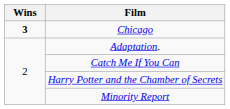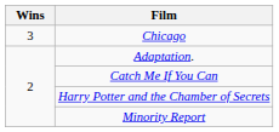 <table class="wikitable" rowspan="2" style="text-align:center;" background: #f6e39c;>
 <tr>
 <th scope="col" style="width:55px;">Wins</th>
 <th scope="col" style="text-align:center;">Film</th>
 </tr>
 <tr>
-<td><strong>3</strong></td>
+<td>3</td>
 <td><em><a href='#'>Chicago</a></em></td>
 </tr>
 <tr>
 <td rowspan="4">2</td>
 <td><em><a href='#'>Adaptation</a></em>.</td>
 </tr>
 <tr>
 <td><em><a href='#'>Catch Me If You Can</a></em></td>
 </tr>
 <tr>
 <td><em><a href='#'>Harry Potter and the Chamber of Secrets</a></em></td>
 </tr>
 <tr>
 <td><em><a href='#'>Minority Report</a></em></td>
 </tr>
 </table>
